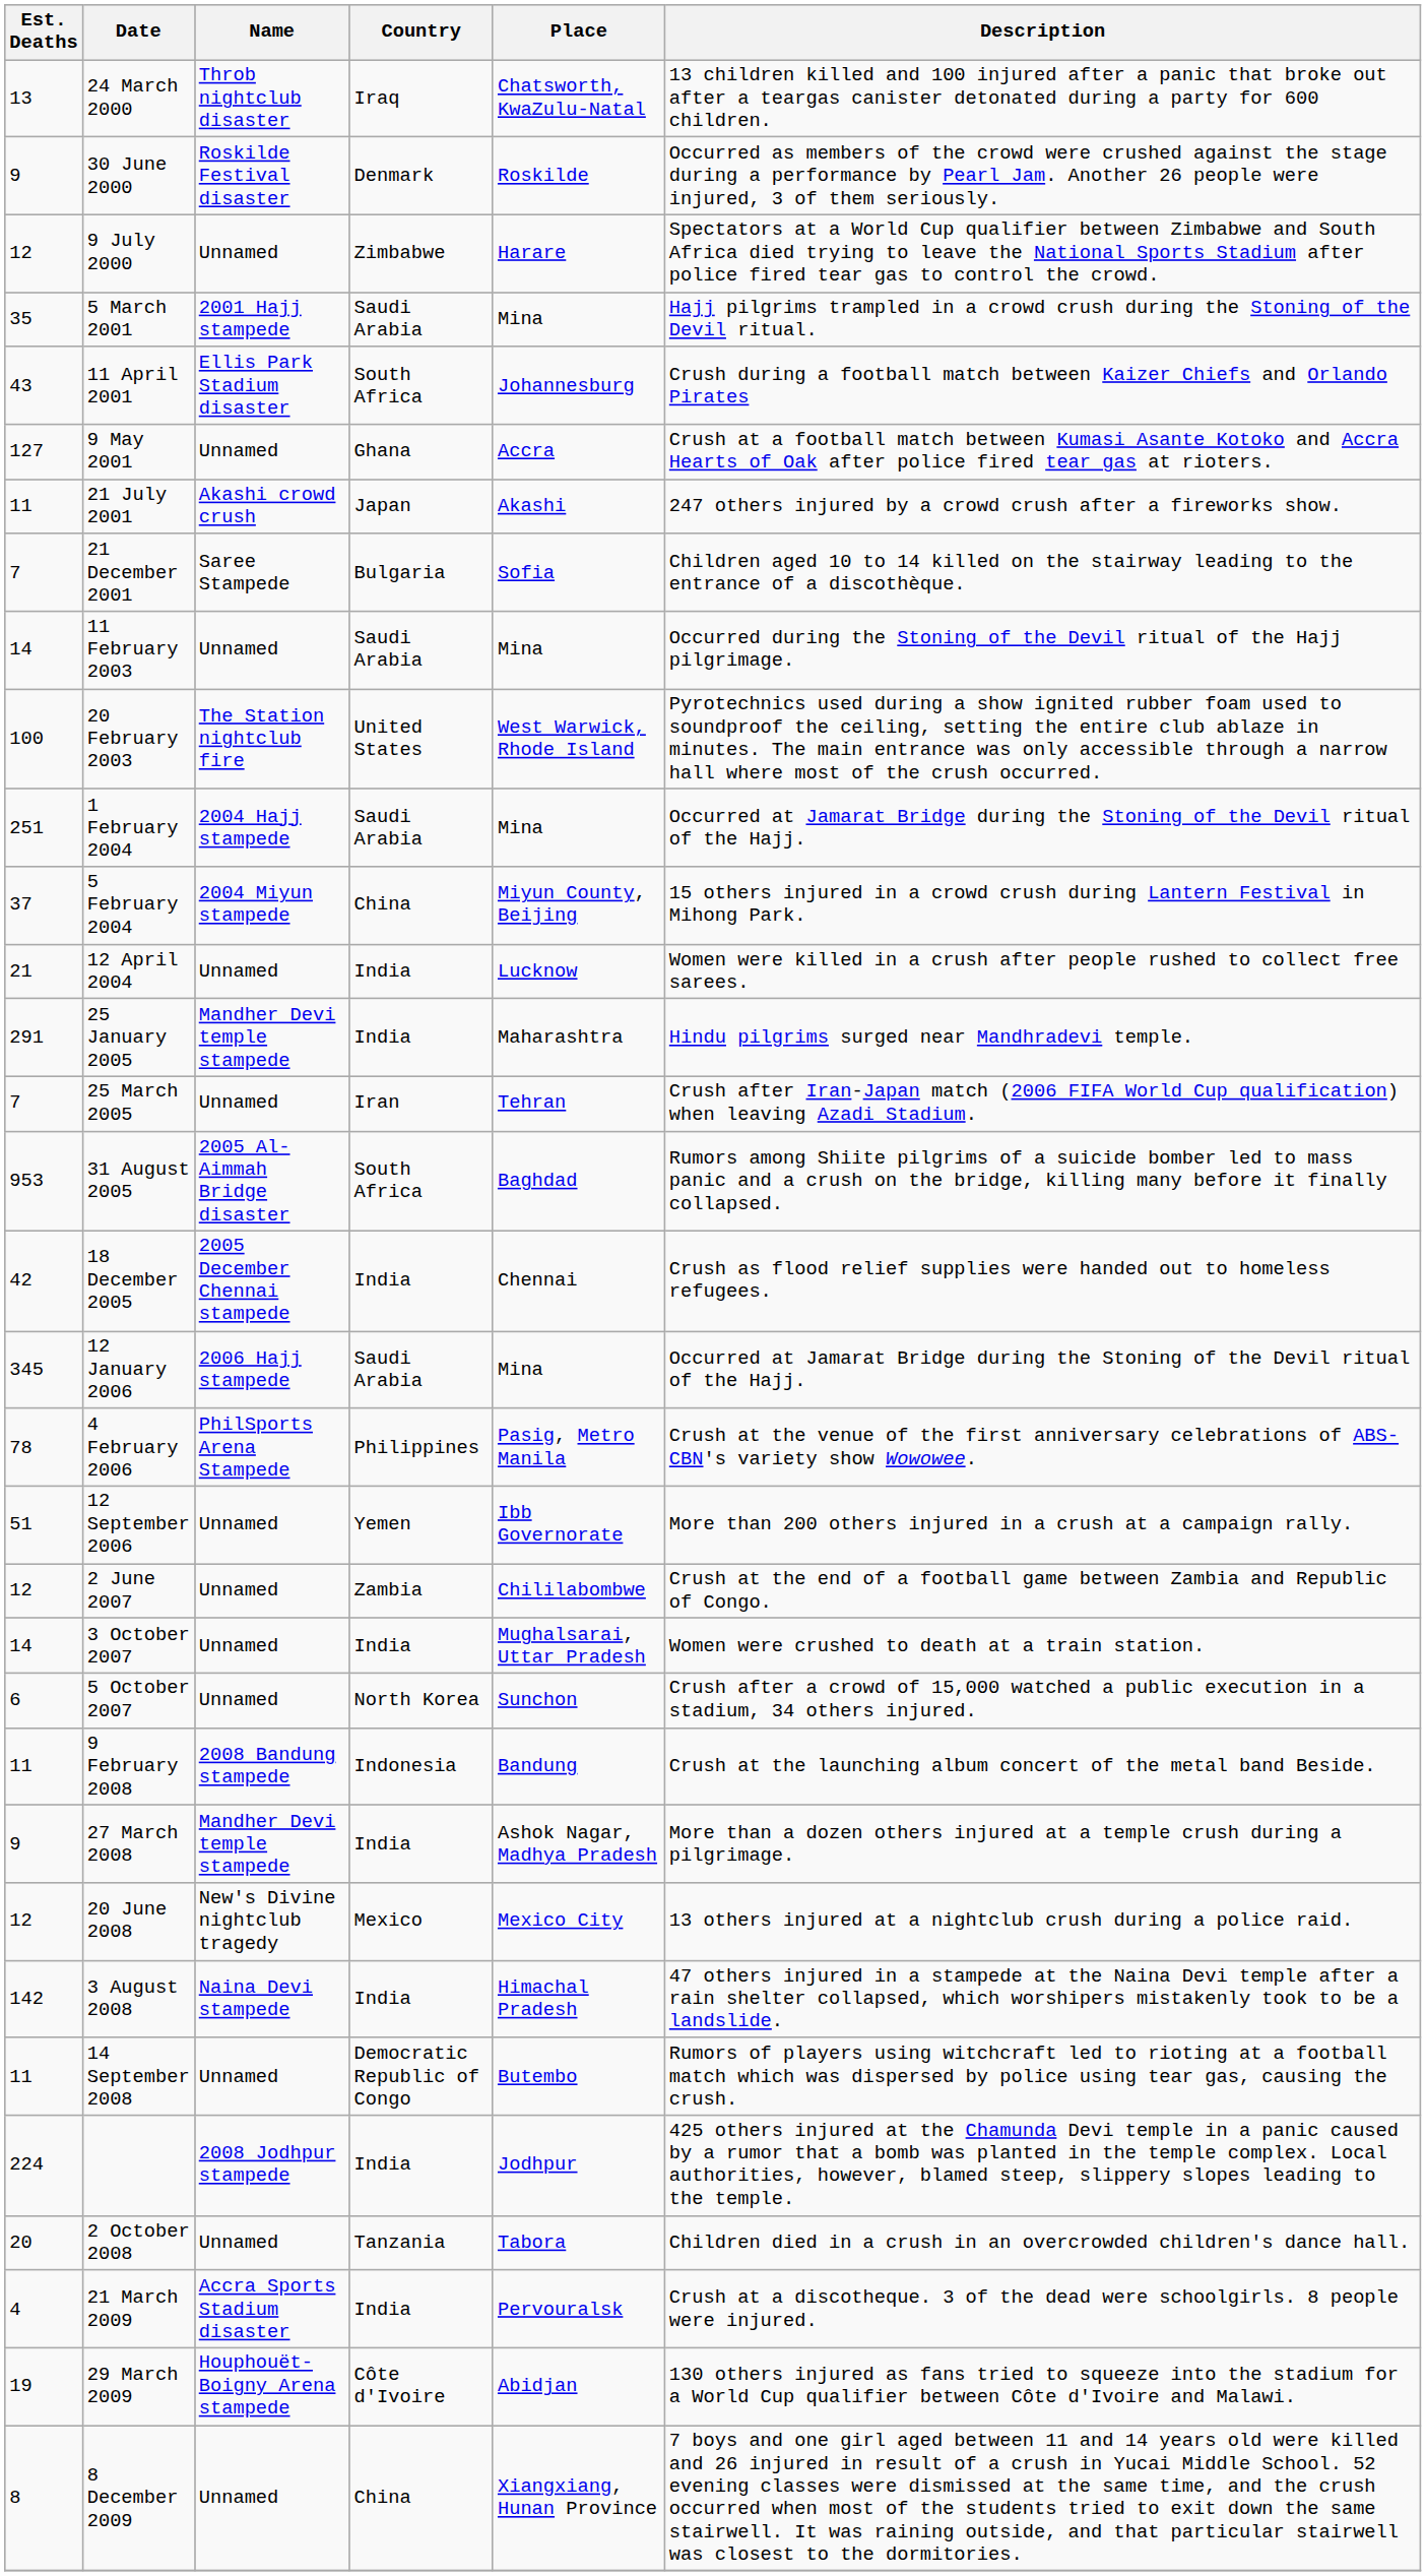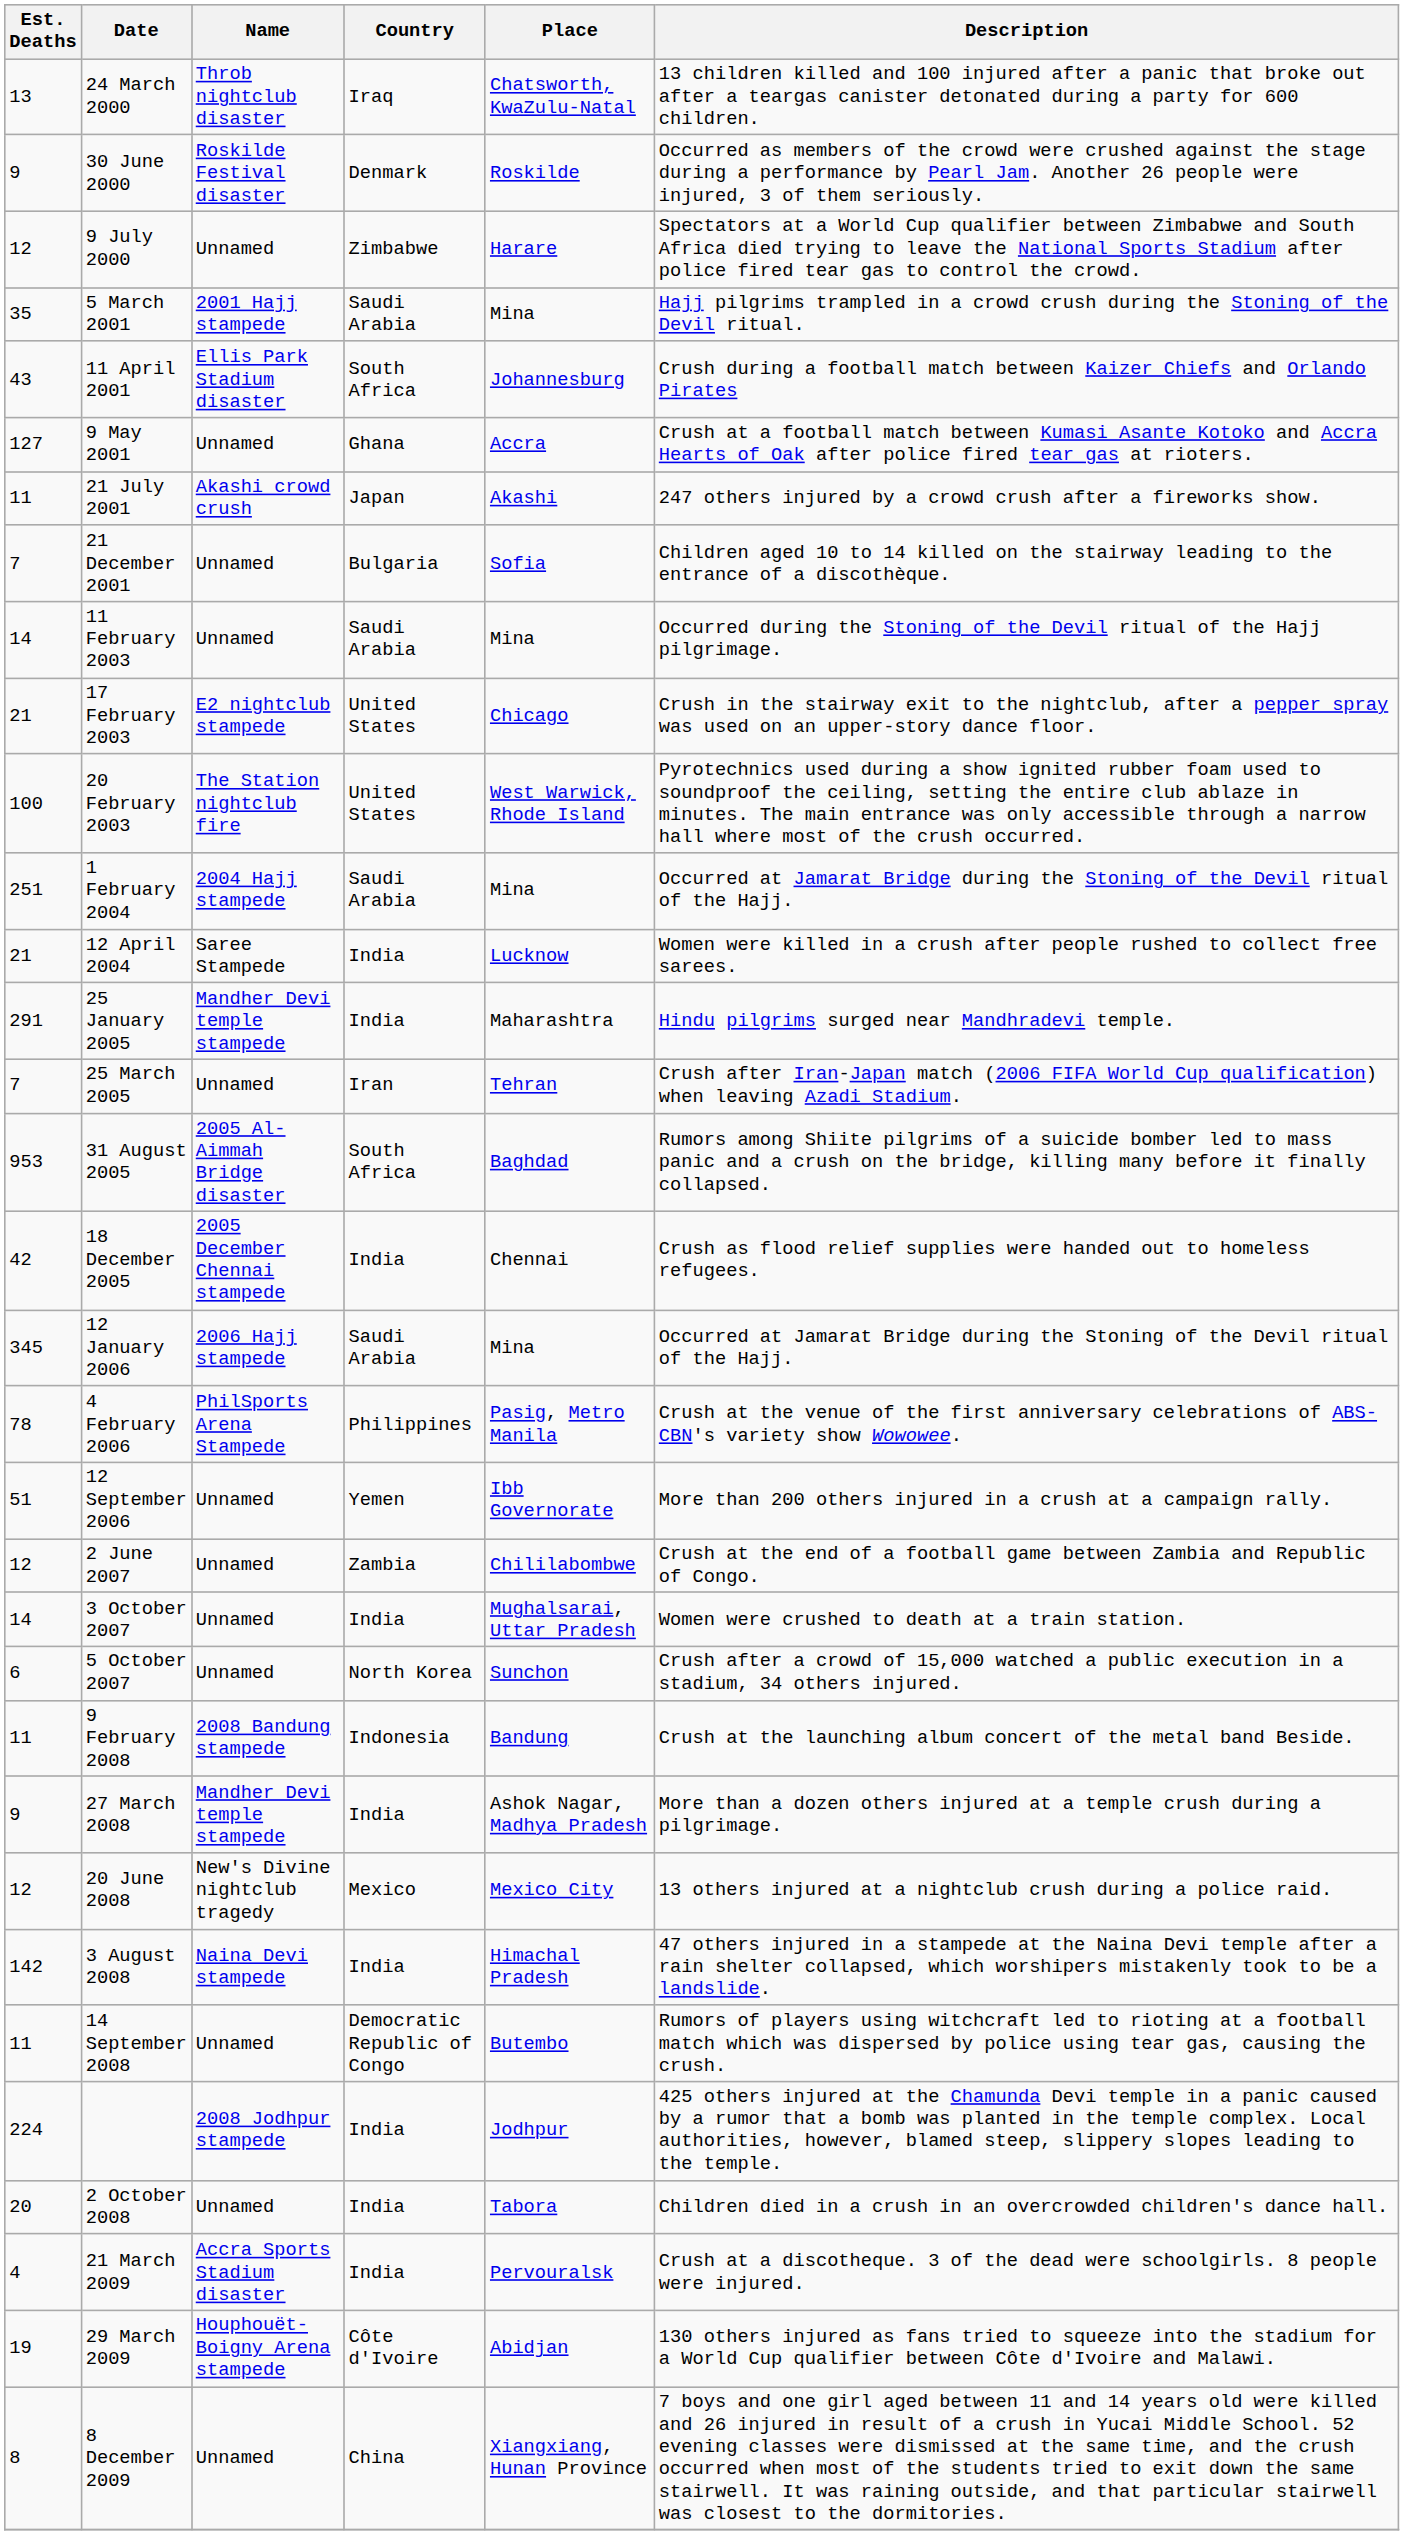 <table class="wikitable sortable sticky-header-multi" style="font-size: 90%; position:relative">
 <tr>
 <th data-sort-type="number">Est. Deaths</th>
 <th style="width:3em;">Date</th>
 <th style="width:11em;">Name</th>
 <th style="width:8em;">Country</th>
 <th style="width:10em;">Place</th>
 <th class="unsortable" style="width:100em;">Description</th>
 </tr>
 <tr>
 <td>13</td>
 <td>24 March 2000</td>
 <td><a href='#'>Throb nightclub disaster</a></td>
 <td> Iraq</td>
 <td><a href='#'>Chatsworth, KwaZulu-Natal</a></td>
 <td>13 children killed and 100 injured after a panic that broke out after a teargas canister detonated during a party for 600 children.</td>
 </tr>
 <tr>
 <td>9</td>
 <td>30 June 2000</td>
 <td><a href='#'>Roskilde Festival disaster</a></td>
 <td> Denmark</td>
 <td><a href='#'>Roskilde</a></td>
 <td>Occurred as members of the crowd were crushed against the stage during a performance by <a href='#'>Pearl Jam</a>. Another 26 people were injured, 3 of them seriously.</td>
 </tr>
 <tr>
 <td>12</td>
 <td>9 July 2000</td>
 <td>Unnamed</td>
 <td> Zimbabwe</td>
 <td><a href='#'>Harare</a></td>
 <td>Spectators at a World Cup qualifier between Zimbabwe and South Africa died trying to leave the <a href='#'>National Sports Stadium</a> after police fired tear gas to control the crowd.</td>
 </tr>
 <tr>
 <td>35</td>
 <td>5 March 2001</td>
 <td><a href='#'>2001 Hajj stampede</a></td>
 <td> Saudi Arabia</td>
 <td>Mina</td>
 <td><a href='#'>Hajj</a> pilgrims trampled in a crowd crush during the <a href='#'>Stoning of the Devil</a> ritual.</td>
 </tr>
 <tr>
 <td>43</td>
 <td>11 April 2001</td>
 <td><a href='#'>Ellis Park Stadium disaster</a></td>
 <td> South Africa</td>
 <td><a href='#'>Johannesburg</a></td>
 <td>Crush during a football match between <a href='#'>Kaizer Chiefs</a> and <a href='#'>Orlando Pirates</a></td>
 </tr>
 <tr>
 <td>127</td>
 <td>9 May 2001</td>
 <td>Unnamed</td>
 <td> Ghana</td>
 <td><a href='#'>Accra</a></td>
 <td>Crush at a football match between <a href='#'>Kumasi Asante Kotoko</a> and <a href='#'>Accra Hearts of Oak</a> after police fired <a href='#'>tear gas</a> at rioters.</td>
 </tr>
 <tr>
 <td>11</td>
 <td>21 July 2001</td>
 <td><a href='#'>Akashi crowd crush</a></td>
 <td> Japan</td>
 <td><a href='#'>Akashi</a></td>
 <td>247 others injured by a crowd crush after a fireworks show.</td>
 </tr>
 <tr>
 <td>7</td>
 <td>21 December 2001</td>
-<td>Saree Stampede</td>
+<td>Unnamed</td>
 <td> Bulgaria</td>
 <td><a href='#'>Sofia</a></td>
 <td>Children aged 10 to 14 killed on the stairway leading to the entrance of a discothèque.</td>
 </tr>
 <tr>
 <td>14</td>
 <td>11 February 2003</td>
 <td>Unnamed</td>
 <td> Saudi Arabia</td>
 <td>Mina</td>
 <td>Occurred during the <a href='#'>Stoning of the Devil</a> ritual of the Hajj pilgrimage.</td>
+</tr>
+<tr>
+<td>21</td>
+<td>17 February 2003</td>
+<td><a href='#'>E2 nightclub stampede</a></td>
+<td> United States</td>
+<td><a href='#'>Chicago</a></td>
+<td>Crush in the stairway exit to the nightclub, after a <a href='#'>pepper spray</a> was used on an upper-story dance floor.</td>
 </tr>
 <tr>
 <td>100</td>
 <td>20 February 2003</td>
 <td><a href='#'>The Station nightclub fire</a></td>
 <td> United States</td>
 <td><a href='#'>West Warwick, Rhode Island</a></td>
 <td>Pyrotechnics used during a show ignited rubber foam used to soundproof the ceiling, setting the entire club ablaze in minutes. The main entrance was only accessible through a narrow hall where most of the crush occurred.</td>
 </tr>
 <tr>
 <td>251</td>
 <td>1 February 2004</td>
 <td><a href='#'>2004 Hajj stampede</a></td>
 <td> Saudi Arabia</td>
 <td>Mina</td>
 <td>Occurred at <a href='#'>Jamarat Bridge</a> during the <a href='#'>Stoning of the Devil</a> ritual of the Hajj.</td>
 </tr>
 <tr>
-<td>37</td>
-<td>5 February 2004</td>
-<td><a href='#'>2004 Miyun stampede</a></td>
-<td> China</td>
-<td><a href='#'>Miyun County</a>, <a href='#'>Beijing</a></td>
-<td>15 others injured in a crowd crush during <a href='#'>Lantern Festival</a> in Mihong Park.</td>
-</tr>
-<tr>
 <td>21</td>
 <td>12 April 2004</td>
-<td>Unnamed</td>
+<td>Saree Stampede</td>
 <td> India</td>
 <td><a href='#'>Lucknow</a></td>
 <td>Women were killed in a crush after people rushed to collect free sarees.</td>
 </tr>
 <tr>
 <td>291</td>
 <td>25 January 2005</td>
 <td><a href='#'>Mandher Devi temple stampede</a></td>
 <td> India</td>
 <td>Maharashtra</td>
 <td><a href='#'>Hindu</a> <a href='#'>pilgrims</a> surged near <a href='#'>Mandhradevi</a> temple.</td>
 </tr>
 <tr>
 <td>7</td>
 <td>25 March 2005</td>
 <td>Unnamed</td>
 <td> Iran</td>
 <td><a href='#'>Tehran</a></td>
 <td>Crush after <a href='#'>Iran</a>-<a href='#'>Japan</a> match (<a href='#'>2006 FIFA World Cup qualification</a>) when leaving <a href='#'>Azadi Stadium</a>.</td>
 </tr>
 <tr>
 <td>953</td>
 <td>31 August 2005</td>
 <td><a href='#'>2005 Al-Aimmah Bridge disaster</a></td>
 <td> South Africa</td>
 <td><a href='#'>Baghdad</a></td>
 <td>Rumors among Shiite pilgrims of a suicide bomber led to mass panic and a crush on the bridge, killing many before it finally collapsed.</td>
 </tr>
 <tr>
 <td>42</td>
 <td>18 December 2005</td>
 <td><a href='#'>2005 December Chennai stampede</a></td>
 <td> India</td>
 <td>Chennai</td>
 <td>Crush as flood relief supplies were handed out to homeless refugees.</td>
 </tr>
 <tr>
 <td>345</td>
 <td>12 January 2006</td>
 <td><a href='#'>2006 Hajj stampede</a></td>
 <td> Saudi Arabia</td>
 <td>Mina</td>
 <td>Occurred at Jamarat Bridge during the Stoning of the Devil ritual of the Hajj.</td>
 </tr>
 <tr>
 <td>78</td>
 <td>4 February 2006</td>
 <td><a href='#'>PhilSports Arena Stampede</a></td>
 <td> Philippines</td>
 <td><a href='#'>Pasig</a>, <a href='#'>Metro Manila</a></td>
 <td>Crush at the venue of the first anniversary celebrations of <a href='#'>ABS-CBN</a>'s variety show <em><a href='#'>Wowowee</a></em>.</td>
 </tr>
 <tr>
 <td>51</td>
 <td>12 September 2006</td>
 <td>Unnamed</td>
 <td> Yemen</td>
 <td><a href='#'>Ibb Governorate</a></td>
 <td>More than 200 others injured in a crush at a campaign rally.</td>
 </tr>
 <tr>
 <td>12</td>
 <td>2 June 2007</td>
 <td>Unnamed</td>
 <td> Zambia</td>
 <td><a href='#'>Chililabombwe</a></td>
 <td>Crush at the end of a football game between Zambia and Republic of Congo.</td>
 </tr>
 <tr>
 <td>14</td>
 <td>3 October 2007</td>
 <td>Unnamed</td>
 <td> India</td>
 <td><a href='#'>Mughalsarai</a>, <a href='#'>Uttar Pradesh</a></td>
 <td>Women were crushed to death at a train station.</td>
 </tr>
 <tr>
 <td>6</td>
 <td>5 October 2007</td>
 <td>Unnamed</td>
 <td> North Korea</td>
 <td><a href='#'>Sunchon</a></td>
 <td>Crush after a crowd of 15,000 watched a public execution in a stadium, 34 others injured.</td>
 </tr>
 <tr>
 <td>11</td>
 <td>9 February 2008</td>
 <td><a href='#'>2008 Bandung stampede</a></td>
 <td> Indonesia</td>
 <td><a href='#'>Bandung</a></td>
 <td>Crush at the launching album concert of the metal band Beside.</td>
 </tr>
 <tr>
 <td>9</td>
 <td>27 March 2008</td>
 <td><a href='#'>Mandher Devi temple stampede</a></td>
 <td> India</td>
 <td>Ashok Nagar, <a href='#'>Madhya Pradesh</a></td>
 <td>More than a dozen others injured at a temple crush during a pilgrimage.</td>
 </tr>
 <tr>
 <td>12</td>
 <td>20 June 2008</td>
 <td>New's Divine nightclub tragedy</td>
 <td> Mexico</td>
 <td><a href='#'>Mexico City</a></td>
 <td>13 others injured at a nightclub crush during a police raid.</td>
 </tr>
 <tr>
 <td>142</td>
 <td>3 August 2008</td>
 <td><a href='#'>Naina Devi stampede</a></td>
 <td> India</td>
 <td><a href='#'>Himachal Pradesh</a></td>
 <td>47 others injured in a stampede at the Naina Devi temple after a rain shelter collapsed, which worshipers mistakenly took to be a <a href='#'>landslide</a>.</td>
 </tr>
 <tr>
 <td>11</td>
 <td>14 September 2008</td>
 <td>Unnamed</td>
 <td> Democratic Republic of Congo</td>
 <td><a href='#'>Butembo</a></td>
 <td>Rumors of players using witchcraft led to rioting at a football match which was dispersed by police using tear gas, causing the crush.</td>
 </tr>
 <tr>
 <td>224</td>
 <td></td>
 <td><a href='#'>2008 Jodhpur stampede</a></td>
 <td> India</td>
 <td><a href='#'>Jodhpur</a></td>
 <td>425 others injured at the <a href='#'>Chamunda</a> Devi temple in a panic caused by a rumor that a bomb was planted in the temple complex. Local authorities, however, blamed steep, slippery slopes leading to the temple.</td>
 </tr>
 <tr>
 <td>20</td>
 <td>2 October 2008</td>
 <td>Unnamed</td>
-<td> Tanzania</td>
+<td> India</td>
 <td><a href='#'>Tabora</a></td>
 <td>Children died in a crush in an overcrowded children's dance hall.</td>
 </tr>
 <tr>
 <td>4</td>
 <td>21 March 2009</td>
 <td><a href='#'>Accra Sports Stadium disaster</a></td>
 <td> India</td>
 <td><a href='#'>Pervouralsk</a></td>
 <td>Crush at a discotheque. 3 of the dead were schoolgirls. 8 people were injured.</td>
 </tr>
 <tr>
 <td>19</td>
 <td>29 March 2009</td>
 <td><a href='#'>Houphouët-Boigny Arena stampede</a></td>
 <td> Côte d'Ivoire</td>
 <td><a href='#'>Abidjan</a></td>
 <td>130 others injured as fans tried to squeeze into the stadium for a World Cup qualifier between Côte d'Ivoire and Malawi.</td>
 </tr>
 <tr>
 <td>8</td>
 <td>8 December 2009</td>
 <td>Unnamed</td>
 <td> China</td>
 <td><a href='#'>Xiangxiang</a>, <a href='#'>Hunan</a> Province</td>
 <td>7 boys and one girl aged between 11 and 14 years old were killed and 26 injured in result of a crush in Yucai Middle School. 52 evening classes were dismissed at the same time, and the crush occurred when most of the students tried to exit down the same stairwell. It was raining outside, and that particular stairwell was closest to the dormitories.</td>
 </tr>
 <tr>
 </tr>
 </table>
